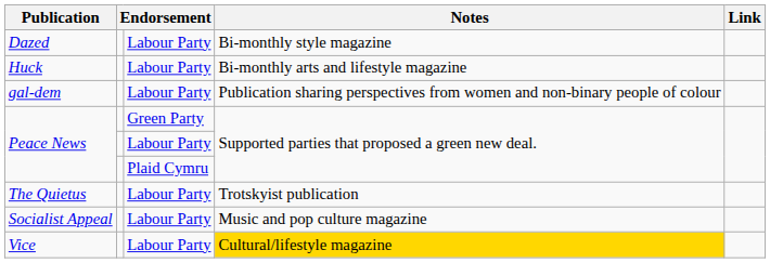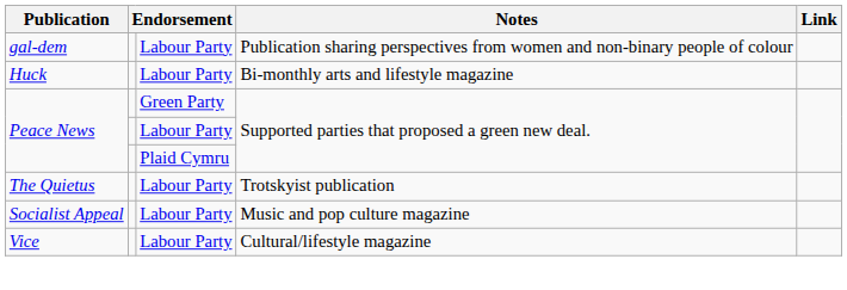 <table class="wikitable">
 <tr>
 <th>Publication</th>
 <th colspan=2>Endorsement</th>
 <th>Notes</th>
 <th>Link</th>
 </tr>
 <tr>
-<td><em><a href='#'>Dazed</a></em></td>
+<td><em><a href='#'>gal-dem</a></em></td>
 <td style="background-color: "></td>
 <td><a href='#'>Labour Party</a></td>
-<td>Bi-monthly style magazine</td>
+<td>Publication sharing perspectives from women and non-binary people of colour</td>
 <td></td>
 </tr>
 <tr>
 <td><em><a href='#'>Huck</a></em></td>
 <td style="background-color: "></td>
 <td><a href='#'>Labour Party</a></td>
 <td>Bi-monthly arts and lifestyle magazine</td>
-<td></td>
-</tr>
-<tr>
-<td><em><a href='#'>gal-dem</a></em></td>
-<td style="background-color: "></td>
-<td><a href='#'>Labour Party</a></td>
-<td>Publication sharing perspectives from women and non-binary people of colour</td>
 <td></td>
 </tr>
 <tr>
 <td rowspan="3"><em><a href='#'>Peace News</a></em></td>
 <td style="background-color: "></td>
 <td><a href='#'>Green Party</a></td>
 <td rowspan="3">Supported parties that proposed a green new deal.</td>
 <td rowspan="3"></td>
 </tr>
 <tr>
 <td style="background-color: "></td>
 <td><a href='#'>Labour Party</a></td>
 </tr>
 <tr>
 <td style="background-color: "></td>
 <td><a href='#'>Plaid Cymru</a></td>
 </tr>
 <tr>
 <td><em><a href='#'>The Quietus</a></em></td>
 <td style="background-color: "></td>
 <td><a href='#'>Labour Party</a></td>
 <td>Trotskyist publication</td>
 <td></td>
 </tr>
 <tr>
 <td><em><a href='#'>Socialist Appeal</a></em></td>
 <td style="background-color: "></td>
 <td><a href='#'>Labour Party</a></td>
 <td>Music and pop culture magazine</td>
 <td></td>
 </tr>
 <tr>
 <td><em><a href='#'>Vice</a></em></td>
 <td style="background-color: "></td>
 <td><a href='#'>Labour Party</a></td>
-<td style="background: gold;">Cultural/lifestyle magazine</td>
+<td>Cultural/lifestyle magazine</td>
 <td></td>
 </tr>
 </table>
